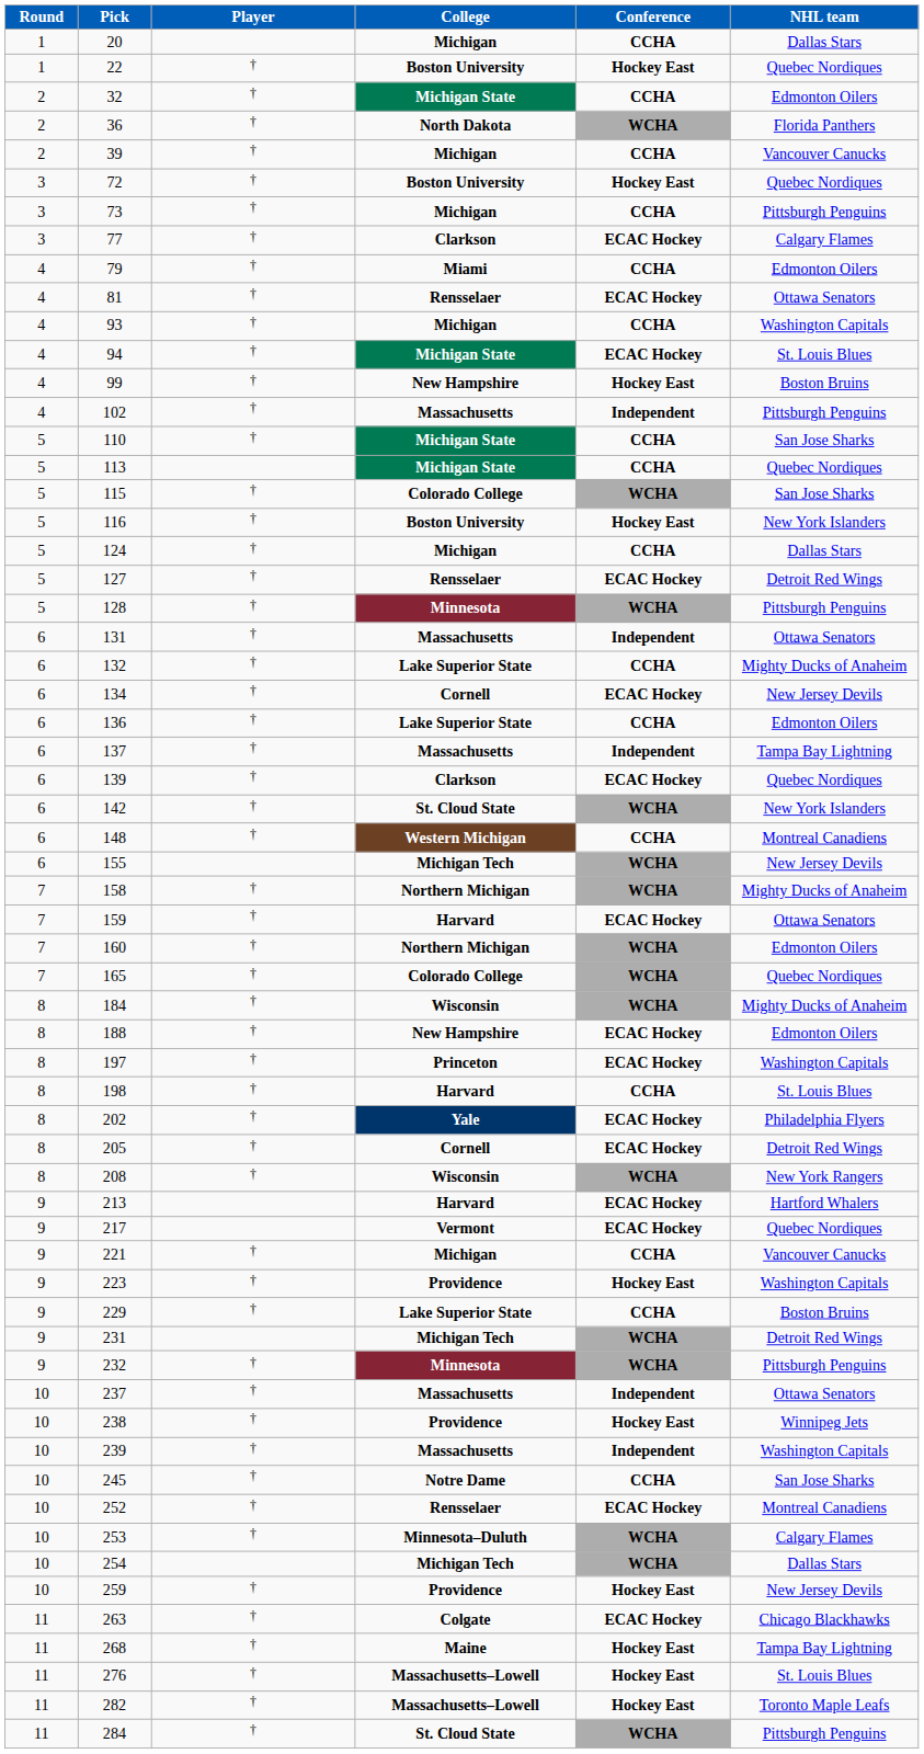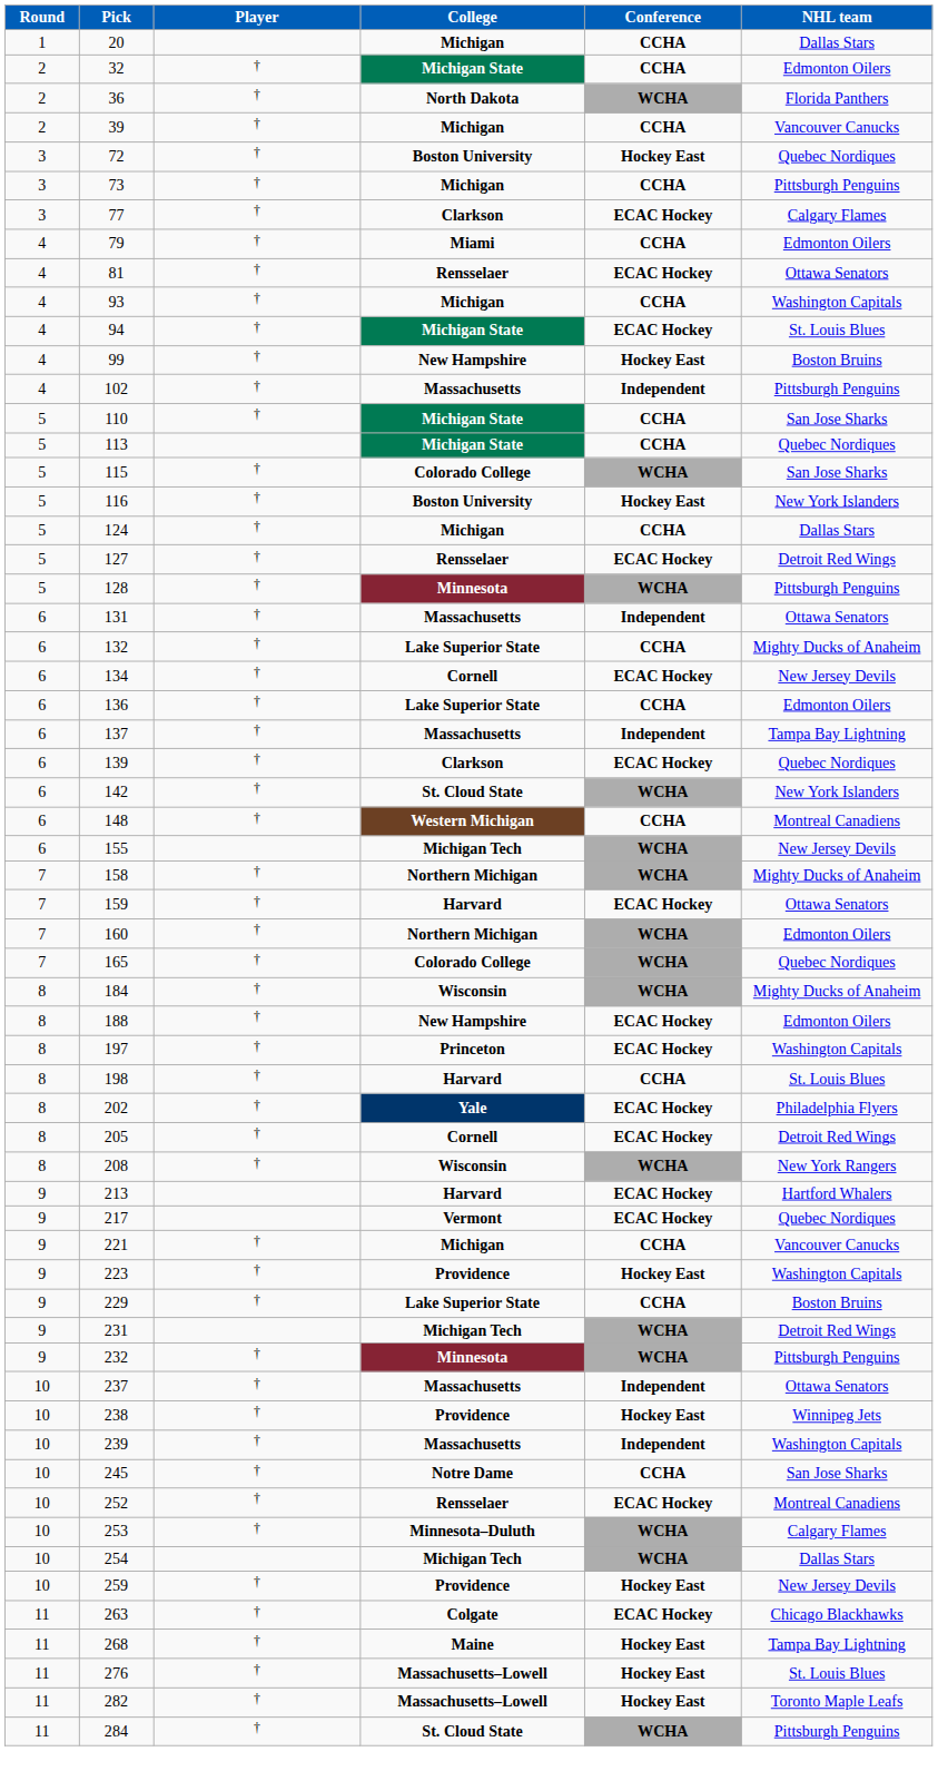 <table class="wikitable sortable" width="75%">
 <tr>
 <th style="color:white; background-color:#005EB8; width: 4em;">Round</th>
 <th style="color:white; background-color:#005EB8; width: 4em;">Pick</th>
 <th style="color:white; background-color:#005EB8; width: 12em;">Player</th>
 <th style="color:white; background-color:#005EB8; width: 13em;">College</th>
 <th style="color:white; background-color:#005EB8; width: 9em;">Conference</th>
 <th style="color:white; background-color:#005EB8; width: 11em;">NHL team</th>
 </tr>
 <tr align="center" bgcolor="">
 <td>1</td>
 <td>20</td>
 <td></td>
 <td><strong>Michigan</strong></td>
 <td><strong>CCHA</strong></td>
 <td><a href='#'>Dallas Stars</a></td>
-</tr>
-<tr align="center" bgcolor="">
-<td>1</td>
-<td>22</td>
-<td> <sup>†</sup></td>
-<td><strong>Boston University</strong></td>
-<td><strong>Hockey East</strong></td>
-<td><a href='#'>Quebec Nordiques</a></td>
 </tr>
 <tr align="center" bgcolor="">
 <td>2</td>
 <td>32</td>
 <td> <sup>†</sup></td>
 <td style="color:white; background:#007A53"><strong>Michigan State</strong></td>
 <td><strong>CCHA</strong></td>
 <td><a href='#'>Edmonton Oilers</a></td>
 </tr>
 <tr align="center" bgcolor="">
 <td>2</td>
 <td>36</td>
 <td> <sup>†</sup></td>
 <td><strong>North Dakota</strong></td>
 <td style="color:black; background:#ADADAD; "><strong>WCHA</strong></td>
 <td><a href='#'>Florida Panthers</a></td>
 </tr>
 <tr align="center" bgcolor="">
 <td>2</td>
 <td>39</td>
 <td> <sup>†</sup></td>
 <td><strong>Michigan</strong></td>
 <td><strong>CCHA</strong></td>
 <td><a href='#'>Vancouver Canucks</a></td>
 </tr>
 <tr align="center" bgcolor="">
 <td>3</td>
 <td>72</td>
 <td> <sup>†</sup></td>
 <td><strong>Boston University</strong></td>
 <td><strong>Hockey East</strong></td>
 <td><a href='#'>Quebec Nordiques</a></td>
 </tr>
 <tr align="center" bgcolor="">
 <td>3</td>
 <td>73</td>
 <td> <sup>†</sup></td>
 <td><strong>Michigan</strong></td>
 <td><strong>CCHA</strong></td>
 <td><a href='#'>Pittsburgh Penguins</a></td>
 </tr>
 <tr align="center" bgcolor="">
 <td>3</td>
 <td>77</td>
 <td> <sup>†</sup></td>
 <td><strong>Clarkson</strong></td>
 <td><strong>ECAC Hockey</strong></td>
 <td><a href='#'>Calgary Flames</a></td>
 </tr>
 <tr align="center" bgcolor="">
 <td>4</td>
 <td>79</td>
 <td> <sup>†</sup></td>
 <td><strong>Miami</strong></td>
 <td><strong>CCHA</strong></td>
 <td><a href='#'>Edmonton Oilers</a></td>
 </tr>
 <tr align="center" bgcolor="">
 <td>4</td>
 <td>81</td>
 <td> <sup>†</sup></td>
 <td><strong>Rensselaer</strong></td>
 <td><strong>ECAC Hockey</strong></td>
 <td><a href='#'>Ottawa Senators</a></td>
 </tr>
 <tr align="center" bgcolor="">
 <td>4</td>
 <td>93</td>
 <td> <sup>†</sup></td>
 <td><strong>Michigan</strong></td>
 <td><strong>CCHA</strong></td>
 <td><a href='#'>Washington Capitals</a></td>
 </tr>
 <tr align="center" bgcolor="">
 <td>4</td>
 <td>94</td>
 <td> <sup>†</sup></td>
 <td style="color:white; background:#007A53"><strong>Michigan State</strong></td>
 <td><strong>ECAC Hockey</strong></td>
 <td><a href='#'>St. Louis Blues</a></td>
 </tr>
 <tr align="center" bgcolor="">
 <td>4</td>
 <td>99</td>
 <td> <sup>†</sup></td>
 <td><strong>New Hampshire</strong></td>
 <td><strong>Hockey East</strong></td>
 <td><a href='#'>Boston Bruins</a></td>
 </tr>
 <tr align="center" bgcolor="">
 <td>4</td>
 <td>102</td>
 <td> <sup>†</sup></td>
 <td><strong>Massachusetts</strong></td>
 <td><strong>Independent</strong></td>
 <td><a href='#'>Pittsburgh Penguins</a></td>
 </tr>
 <tr align="center" bgcolor="">
 <td>5</td>
 <td>110</td>
 <td> <sup>†</sup></td>
 <td style="color:white; background:#007A53"><strong>Michigan State</strong></td>
 <td><strong>CCHA</strong></td>
 <td><a href='#'>San Jose Sharks</a></td>
 </tr>
 <tr align="center" bgcolor="">
 <td>5</td>
 <td>113</td>
 <td></td>
 <td style="color:white; background:#007A53"><strong>Michigan State</strong></td>
 <td><strong>CCHA</strong></td>
 <td><a href='#'>Quebec Nordiques</a></td>
 </tr>
 <tr align="center" bgcolor="">
 <td>5</td>
 <td>115</td>
 <td> <sup>†</sup></td>
 <td><strong>Colorado College</strong></td>
 <td style="color:black; background:#ADADAD; "><strong>WCHA</strong></td>
 <td><a href='#'>San Jose Sharks</a></td>
 </tr>
 <tr align="center" bgcolor="">
 <td>5</td>
 <td>116</td>
 <td> <sup>†</sup></td>
 <td><strong>Boston University</strong></td>
 <td><strong>Hockey East</strong></td>
 <td><a href='#'>New York Islanders</a></td>
 </tr>
 <tr align="center" bgcolor="">
 <td>5</td>
 <td>124</td>
 <td> <sup>†</sup></td>
 <td><strong>Michigan</strong></td>
 <td><strong>CCHA</strong></td>
 <td><a href='#'>Dallas Stars</a></td>
 </tr>
 <tr align="center" bgcolor="">
 <td>5</td>
 <td>127</td>
 <td> <sup>†</sup></td>
 <td><strong>Rensselaer</strong></td>
 <td><strong>ECAC Hockey</strong></td>
 <td><a href='#'>Detroit Red Wings</a></td>
 </tr>
 <tr align="center" bgcolor="">
 <td>5</td>
 <td>128</td>
 <td> <sup>†</sup></td>
 <td style="color:white; background:#862334; "><strong>Minnesota</strong></td>
 <td style="color:black; background:#ADADAD; "><strong>WCHA</strong></td>
 <td><a href='#'>Pittsburgh Penguins</a></td>
 </tr>
 <tr align="center" bgcolor="">
 <td>6</td>
 <td>131</td>
 <td> <sup>†</sup></td>
 <td><strong>Massachusetts</strong></td>
 <td><strong>Independent</strong></td>
 <td><a href='#'>Ottawa Senators</a></td>
 </tr>
 <tr align="center" bgcolor="">
 <td>6</td>
 <td>132</td>
 <td> <sup>†</sup></td>
 <td><strong>Lake Superior State</strong></td>
 <td><strong>CCHA</strong></td>
 <td><a href='#'>Mighty Ducks of Anaheim</a></td>
 </tr>
 <tr align="center" bgcolor="">
 <td>6</td>
 <td>134</td>
 <td> <sup>†</sup></td>
 <td><strong>Cornell</strong></td>
 <td><strong>ECAC Hockey</strong></td>
 <td><a href='#'>New Jersey Devils</a></td>
 </tr>
 <tr align="center" bgcolor="">
 <td>6</td>
 <td>136</td>
 <td> <sup>†</sup></td>
 <td><strong>Lake Superior State</strong></td>
 <td><strong>CCHA</strong></td>
 <td><a href='#'>Edmonton Oilers</a></td>
 </tr>
 <tr align="center" bgcolor="">
 <td>6</td>
 <td>137</td>
 <td> <sup>†</sup></td>
 <td><strong>Massachusetts</strong></td>
 <td><strong>Independent</strong></td>
 <td><a href='#'>Tampa Bay Lightning</a></td>
 </tr>
 <tr align="center" bgcolor="">
 <td>6</td>
 <td>139</td>
 <td> <sup>†</sup></td>
 <td><strong>Clarkson</strong></td>
 <td><strong>ECAC Hockey</strong></td>
 <td><a href='#'>Quebec Nordiques</a></td>
 </tr>
 <tr align="center" bgcolor="">
 <td>6</td>
 <td>142</td>
 <td> <sup>†</sup></td>
 <td><strong>St. Cloud State</strong></td>
 <td style="color:black; background:#ADADAD; "><strong>WCHA</strong></td>
 <td><a href='#'>New York Islanders</a></td>
 </tr>
 <tr align="center" bgcolor="">
 <td>6</td>
 <td>148</td>
 <td> <sup>†</sup></td>
 <td style="color:white; background:#6C4023; "><strong>Western Michigan</strong></td>
 <td><strong>CCHA</strong></td>
 <td><a href='#'>Montreal Canadiens</a></td>
 </tr>
 <tr align="center" bgcolor="">
 <td>6</td>
 <td>155</td>
 <td></td>
 <td><strong>Michigan Tech</strong></td>
 <td style="color:black; background:#ADADAD; "><strong>WCHA</strong></td>
 <td><a href='#'>New Jersey Devils</a></td>
 </tr>
 <tr align="center" bgcolor="">
 <td>7</td>
 <td>158</td>
 <td> <sup>†</sup></td>
 <td><strong>Northern Michigan</strong></td>
 <td style="color:black; background:#ADADAD; "><strong>WCHA</strong></td>
 <td><a href='#'>Mighty Ducks of Anaheim</a></td>
 </tr>
 <tr align="center" bgcolor="">
 <td>7</td>
 <td>159</td>
 <td> <sup>†</sup></td>
 <td><strong>Harvard</strong></td>
 <td><strong>ECAC Hockey</strong></td>
 <td><a href='#'>Ottawa Senators</a></td>
 </tr>
 <tr align="center" bgcolor="">
 <td>7</td>
 <td>160</td>
 <td> <sup>†</sup></td>
 <td><strong>Northern Michigan</strong></td>
 <td style="color:black; background:#ADADAD; "><strong>WCHA</strong></td>
 <td><a href='#'>Edmonton Oilers</a></td>
 </tr>
 <tr align="center" bgcolor="">
 <td>7</td>
 <td>165</td>
 <td> <sup>†</sup></td>
 <td><strong>Colorado College</strong></td>
 <td style="color:black; background:#ADADAD; "><strong>WCHA</strong></td>
 <td><a href='#'>Quebec Nordiques</a></td>
 </tr>
 <tr align="center" bgcolor="">
 <td>8</td>
 <td>184</td>
 <td> <sup>†</sup></td>
 <td><strong>Wisconsin</strong></td>
 <td style="color:black; background:#ADADAD; "><strong>WCHA</strong></td>
 <td><a href='#'>Mighty Ducks of Anaheim</a></td>
 </tr>
 <tr align="center" bgcolor="">
 <td>8</td>
 <td>188</td>
 <td> <sup>†</sup></td>
 <td><strong>New Hampshire</strong></td>
 <td><strong>ECAC Hockey</strong></td>
 <td><a href='#'>Edmonton Oilers</a></td>
 </tr>
 <tr align="center" bgcolor="">
 <td>8</td>
 <td>197</td>
 <td> <sup>†</sup></td>
 <td><strong>Princeton</strong></td>
 <td><strong>ECAC Hockey</strong></td>
 <td><a href='#'>Washington Capitals</a></td>
 </tr>
 <tr align="center" bgcolor="">
 <td>8</td>
 <td>198</td>
 <td> <sup>†</sup></td>
 <td><strong>Harvard</strong></td>
 <td><strong>CCHA</strong></td>
 <td><a href='#'>St. Louis Blues</a></td>
 </tr>
 <tr align="center" bgcolor="">
 <td>8</td>
 <td>202</td>
 <td> <sup>†</sup></td>
 <td style="color:white; background:#00356B"><strong>Yale</strong></td>
 <td><strong>ECAC Hockey</strong></td>
 <td><a href='#'>Philadelphia Flyers</a></td>
 </tr>
 <tr align="center" bgcolor="">
 <td>8</td>
 <td>205</td>
 <td> <sup>†</sup></td>
 <td><strong>Cornell</strong></td>
 <td><strong>ECAC Hockey</strong></td>
 <td><a href='#'>Detroit Red Wings</a></td>
 </tr>
 <tr align="center" bgcolor="">
 <td>8</td>
 <td>208</td>
 <td> <sup>†</sup></td>
 <td><strong>Wisconsin</strong></td>
 <td style="color:black; background:#ADADAD; "><strong>WCHA</strong></td>
 <td><a href='#'>New York Rangers</a></td>
 </tr>
 <tr align="center" bgcolor="">
 <td>9</td>
 <td>213</td>
 <td></td>
 <td><strong>Harvard</strong></td>
 <td><strong>ECAC Hockey</strong></td>
 <td><a href='#'>Hartford Whalers</a></td>
 </tr>
 <tr align="center" bgcolor="">
 <td>9</td>
 <td>217</td>
 <td></td>
 <td><strong>Vermont</strong></td>
 <td><strong>ECAC Hockey</strong></td>
 <td><a href='#'>Quebec Nordiques</a></td>
 </tr>
 <tr align="center" bgcolor="">
 <td>9</td>
 <td>221</td>
 <td> <sup>†</sup></td>
 <td><strong>Michigan</strong></td>
 <td><strong>CCHA</strong></td>
 <td><a href='#'>Vancouver Canucks</a></td>
 </tr>
 <tr align="center" bgcolor="">
 <td>9</td>
 <td>223</td>
 <td> <sup>†</sup></td>
 <td><strong>Providence</strong></td>
 <td><strong>Hockey East</strong></td>
 <td><a href='#'>Washington Capitals</a></td>
 </tr>
 <tr align="center" bgcolor="">
 <td>9</td>
 <td>229</td>
 <td> <sup>†</sup></td>
 <td><strong>Lake Superior State</strong></td>
 <td><strong>CCHA</strong></td>
 <td><a href='#'>Boston Bruins</a></td>
 </tr>
 <tr align="center" bgcolor="">
 <td>9</td>
 <td>231</td>
 <td></td>
 <td><strong>Michigan Tech</strong></td>
 <td style="color:black; background:#ADADAD; "><strong>WCHA</strong></td>
 <td><a href='#'>Detroit Red Wings</a></td>
 </tr>
 <tr align="center" bgcolor="">
 <td>9</td>
 <td>232</td>
 <td> <sup>†</sup></td>
 <td style="color:white; background:#862334; "><strong>Minnesota</strong></td>
 <td style="color:black; background:#ADADAD; "><strong>WCHA</strong></td>
 <td><a href='#'>Pittsburgh Penguins</a></td>
 </tr>
 <tr align="center" bgcolor="">
 <td>10</td>
 <td>237</td>
 <td> <sup>†</sup></td>
 <td><strong>Massachusetts</strong></td>
 <td><strong>Independent</strong></td>
 <td><a href='#'>Ottawa Senators</a></td>
 </tr>
 <tr align="center" bgcolor="">
 <td>10</td>
 <td>238</td>
 <td> <sup>†</sup></td>
 <td><strong>Providence</strong></td>
 <td><strong>Hockey East</strong></td>
 <td><a href='#'>Winnipeg Jets</a></td>
 </tr>
 <tr align="center" bgcolor="">
 <td>10</td>
 <td>239</td>
 <td> <sup>†</sup></td>
 <td><strong>Massachusetts</strong></td>
 <td><strong>Independent</strong></td>
 <td><a href='#'>Washington Capitals</a></td>
 </tr>
 <tr align="center" bgcolor="">
 <td>10</td>
 <td>245</td>
 <td> <sup>†</sup></td>
 <td><strong>Notre Dame</strong></td>
 <td><strong>CCHA</strong></td>
 <td><a href='#'>San Jose Sharks</a></td>
 </tr>
 <tr align="center" bgcolor="">
 <td>10</td>
 <td>252</td>
 <td> <sup>†</sup></td>
 <td><strong>Rensselaer</strong></td>
 <td><strong>ECAC Hockey</strong></td>
 <td><a href='#'>Montreal Canadiens</a></td>
 </tr>
 <tr align="center" bgcolor="">
 <td>10</td>
 <td>253</td>
 <td> <sup>†</sup></td>
 <td><strong>Minnesota–Duluth</strong></td>
 <td style="color:black; background:#ADADAD; "><strong>WCHA</strong></td>
 <td><a href='#'>Calgary Flames</a></td>
 </tr>
 <tr align="center" bgcolor="">
 <td>10</td>
 <td>254</td>
 <td></td>
 <td><strong>Michigan Tech</strong></td>
 <td style="color:black; background:#ADADAD; "><strong>WCHA</strong></td>
 <td><a href='#'>Dallas Stars</a></td>
 </tr>
 <tr align="center" bgcolor="">
 <td>10</td>
 <td>259</td>
 <td> <sup>†</sup></td>
 <td><strong>Providence</strong></td>
 <td><strong>Hockey East</strong></td>
 <td><a href='#'>New Jersey Devils</a></td>
 </tr>
 <tr align="center" bgcolor="">
 <td>11</td>
 <td>263</td>
 <td> <sup>†</sup></td>
 <td><strong>Colgate</strong></td>
 <td><strong>ECAC Hockey</strong></td>
 <td><a href='#'>Chicago Blackhawks</a></td>
 </tr>
 <tr align="center" bgcolor="">
 <td>11</td>
 <td>268</td>
 <td> <sup>†</sup></td>
 <td><strong>Maine</strong></td>
 <td><strong>Hockey East</strong></td>
 <td><a href='#'>Tampa Bay Lightning</a></td>
 </tr>
 <tr align="center" bgcolor="">
 <td>11</td>
 <td>276</td>
 <td> <sup>†</sup></td>
 <td><strong>Massachusetts–Lowell</strong></td>
 <td><strong>Hockey East</strong></td>
 <td><a href='#'>St. Louis Blues</a></td>
 </tr>
 <tr align="center" bgcolor="">
 <td>11</td>
 <td>282</td>
 <td> <sup>†</sup></td>
 <td><strong>Massachusetts–Lowell</strong></td>
 <td><strong>Hockey East</strong></td>
 <td><a href='#'>Toronto Maple Leafs</a></td>
 </tr>
 <tr align="center" bgcolor="">
 <td>11</td>
 <td>284</td>
 <td> <sup>†</sup></td>
 <td><strong>St. Cloud State</strong></td>
 <td style="color:black; background:#ADADAD; "><strong>WCHA</strong></td>
 <td><a href='#'>Pittsburgh Penguins</a></td>
 </tr>
 </table>
